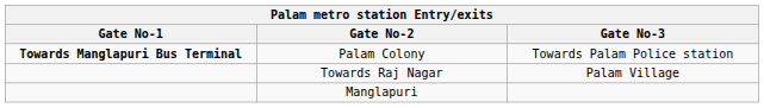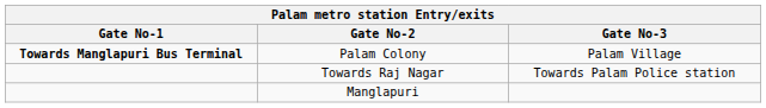 <table class="wikitable" style="text-align: center;" width="65%">
 <tr>
 <th align="center" colspan="5" style="background:#"><span>Palam metro station Entry/exits</span></th>
 </tr>
 <tr>
 <th style="width:15%;">Gate No-1</th>
 <th style="width:15%;">Gate No-2 </th>
 <th style="width:15%;">Gate No-3 </th>
 </tr>
 <tr>
 <td><strong>Towards Manglapuri Bus Terminal</strong></td>
 <td>Palam Colony</td>
-<td>Towards Palam Police station</td>
+<td>Palam Village</td>
 </tr>
 <tr>
 <td></td>
 <td>Towards Raj Nagar</td>
-<td>Palam Village</td>
+<td>Towards Palam Police station</td>
 </tr>
 <tr>
 <td></td>
 <td>Manglapuri</td>
 <td></td>
 </tr>
 </table>
